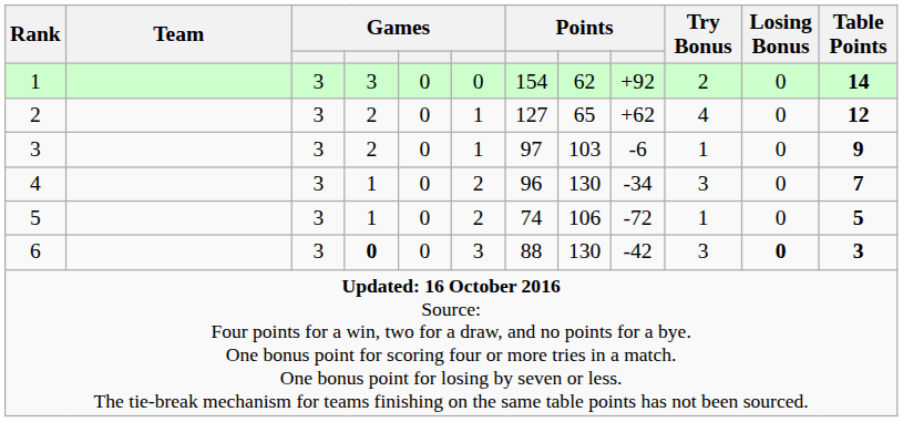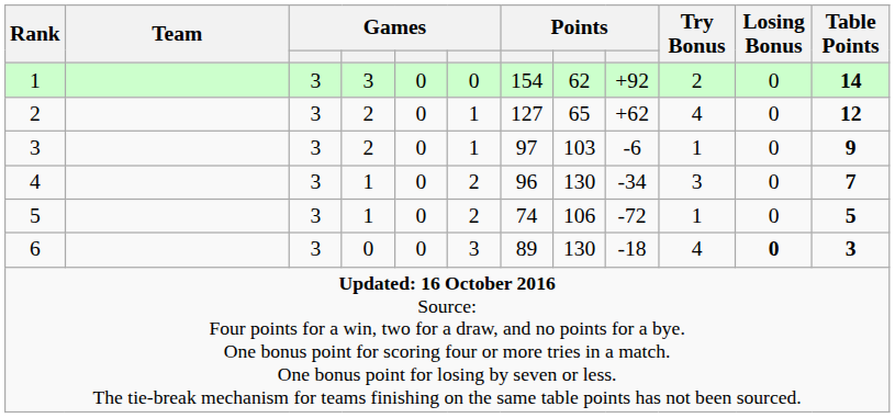 <table class="wikitable"  style="text-align: center;">
 <tr>
 <th rowspan="2" width="20">Rank</th>
 <th rowspan="2" width="160">Team</th>
 <th colspan="4">Games</th>
 <th colspan="3">Points</th>
 <th rowspan="2" width="50">Try Bonus</th>
 <th rowspan="2" width="50">Losing Bonus</th>
 <th rowspan="2" width="50">Table Points</th>
 </tr>
 <tr>
 <th style="width:2em"></th>
 <th style="width:2em"></th>
 <th style="width:2em"></th>
 <th style="width:2em"></th>
 <th style="width:2em"></th>
 <th style="width:2em"></th>
 <th style="width:2em"></th>
 </tr>
 <tr bgcolor="#ccffcc">
 <td>1</td>
 <td align=left></td>
 <td>3</td>
 <td>3</td>
 <td>0</td>
 <td>0</td>
 <td>154</td>
 <td>62</td>
 <td>+92</td>
 <td>2</td>
 <td>0</td>
 <td><strong>14</strong></td>
 </tr>
 <tr>
 <td>2</td>
 <td align=left></td>
 <td>3</td>
 <td>2</td>
 <td>0</td>
 <td>1</td>
 <td>127</td>
 <td>65</td>
 <td>+62</td>
 <td>4</td>
 <td>0</td>
 <td><strong>12</strong></td>
 </tr>
 <tr>
 <td>3</td>
 <td align=left></td>
 <td>3</td>
 <td>2</td>
 <td>0</td>
 <td>1</td>
 <td>97</td>
 <td>103</td>
 <td>-6</td>
 <td>1</td>
 <td>0</td>
 <td><strong>9</strong></td>
 </tr>
 <tr>
 <td>4</td>
 <td align=left></td>
 <td>3</td>
 <td>1</td>
 <td>0</td>
 <td>2</td>
 <td>96</td>
 <td>130</td>
 <td>-34</td>
 <td>3</td>
 <td>0</td>
 <td><strong>7</strong></td>
 </tr>
 <tr>
 <td>5</td>
 <td align=left></td>
 <td>3</td>
 <td>1</td>
 <td>0</td>
 <td>2</td>
 <td>74</td>
 <td>106</td>
 <td>-72</td>
 <td>1</td>
 <td>0</td>
 <td><strong>5</strong></td>
 </tr>
 <tr>
 <td>6</td>
 <td align=left></td>
 <td>3</td>
-<td><strong>0</strong></td>
+<td>0</td>
 <td>0</td>
 <td>3</td>
-<td>88</td>
+<td>89</td>
 <td>130</td>
-<td>-42</td>
-<td>3</td>
+<td>-18</td>
+<td>4</td>
 <td><strong>0</strong></td>
 <td><strong>3</strong></td>
 </tr>
 <tr>
 <td colspan="100%" style="border:0; row-height:108%; font-size:90%"><strong>Updated: 16 October 2016</strong><br>Source: <br>Four points for a win, two for a draw, and no points for a bye.<br>One bonus point for scoring four or more tries in a match.<br> One bonus point for losing by seven or less.<br>The tie-break mechanism for teams finishing on the same table points has not been sourced.</td>
 </tr>
 </table>
